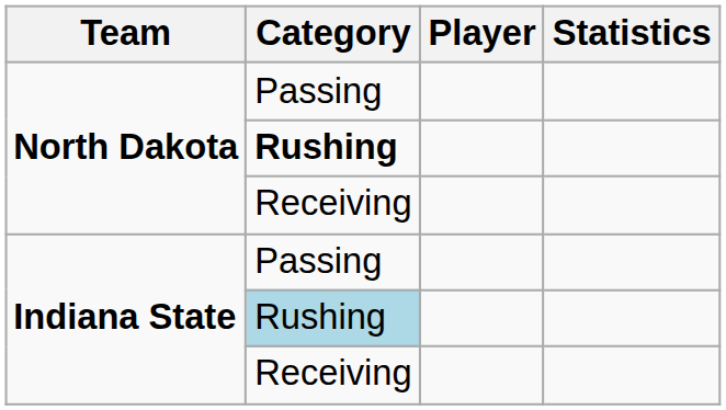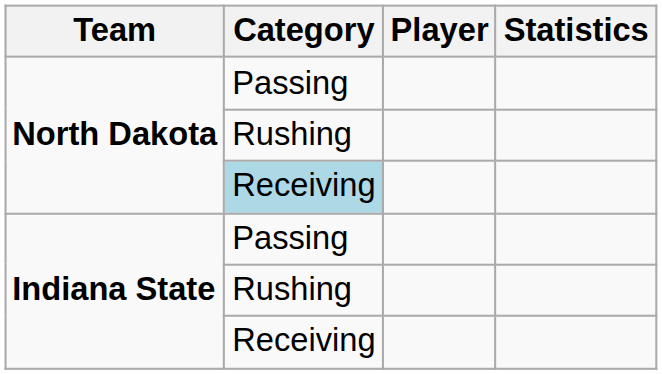 <table class="wikitable" style="float: right;">
 <tr>
 <th>Team</th>
 <th>Category</th>
 <th>Player</th>
 <th>Statistics</th>
 </tr>
 <tr>
 <td rowspan=3><strong>North Dakota</strong></td>
 <td>Passing</td>
 <td></td>
 <td></td>
 </tr>
 <tr>
-<td><strong>Rushing</strong></td>
+<td>Rushing</td>
 <td></td>
 <td></td>
 </tr>
 <tr>
-<td>Receiving</td>
+<td style="background: lightblue;">Receiving</td>
 <td></td>
 <td></td>
 </tr>
 <tr>
 <td rowspan=3><strong>Indiana State</strong></td>
 <td>Passing</td>
 <td></td>
 <td></td>
 </tr>
 <tr>
-<td style="background: lightblue;">Rushing</td>
+<td>Rushing</td>
 <td></td>
 <td></td>
 </tr>
 <tr>
 <td>Receiving</td>
 <td></td>
 <td></td>
 </tr>
 </table>
